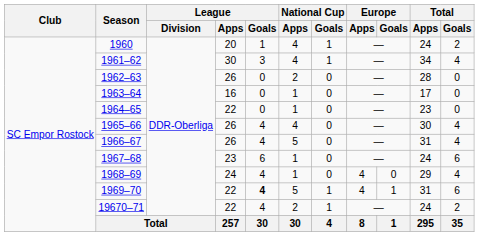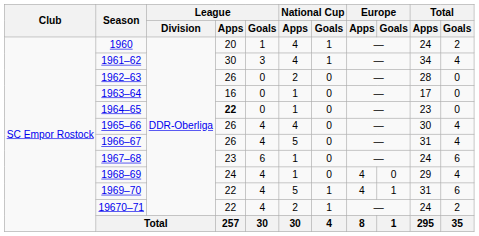 <table class=wikitable style=text-align:center>
 <tr>
 <th rowspan=2>Club</th>
 <th rowspan=2>Season</th>
 <th colspan=3>League</th>
 <th colspan=2>National Cup</th>
 <th colspan=2>Europe</th>
 <th colspan=2>Total</th>
 </tr>
 <tr>
 <th>Division</th>
 <th>Apps</th>
 <th>Goals</th>
 <th>Apps</th>
 <th>Goals</th>
 <th>Apps</th>
 <th>Goals</th>
 <th>Apps</th>
 <th>Goals</th>
 </tr>
 <tr>
 <td rowspan=12><a href='#'>SC Empor Rostock</a></td>
 <td><a href='#'>1960</a></td>
 <td rowspan=11><a href='#'>DDR-Oberliga</a></td>
 <td>20</td>
 <td>1</td>
 <td>4</td>
 <td>1</td>
 <td colspan=2>—</td>
 <td>24</td>
 <td>2</td>
 </tr>
 <tr>
 <td><a href='#'>1961–62</a></td>
 <td>30</td>
 <td>3</td>
 <td>4</td>
 <td>1</td>
 <td colspan=2>—</td>
 <td>34</td>
 <td>4</td>
 </tr>
 <tr>
 <td><a href='#'>1962–63</a></td>
 <td>26</td>
 <td>0</td>
 <td>2</td>
 <td>0</td>
 <td colspan=2>—</td>
 <td>28</td>
 <td>0</td>
 </tr>
 <tr>
 <td><a href='#'>1963–64</a></td>
 <td>16</td>
 <td>0</td>
 <td>1</td>
 <td>0</td>
 <td colspan=2>—</td>
 <td>17</td>
 <td>0</td>
 </tr>
 <tr>
 <td><a href='#'>1964–65</a></td>
-<td>22</td>
+<td><strong>22</strong></td>
 <td>0</td>
 <td>1</td>
 <td>0</td>
 <td colspan=2>—</td>
 <td>23</td>
 <td>0</td>
 </tr>
 <tr>
 <td><a href='#'>1965–66</a></td>
 <td>26</td>
 <td>4</td>
 <td>4</td>
 <td>0</td>
 <td colspan=2>—</td>
 <td>30</td>
 <td>4</td>
 </tr>
 <tr>
 <td><a href='#'>1966–67</a></td>
 <td>26</td>
 <td>4</td>
 <td>5</td>
 <td>0</td>
 <td colspan=2>—</td>
 <td>31</td>
 <td>4</td>
 </tr>
 <tr>
 <td><a href='#'>1967–68</a></td>
 <td>23</td>
 <td>6</td>
 <td>1</td>
 <td>0</td>
 <td colspan=2>—</td>
 <td>24</td>
 <td>6</td>
 </tr>
 <tr>
 <td><a href='#'>1968–69</a></td>
 <td>24</td>
 <td>4</td>
 <td>1</td>
 <td>0</td>
 <td>4</td>
 <td>0</td>
 <td>29</td>
 <td>4</td>
 </tr>
 <tr>
 <td><a href='#'>1969–70</a></td>
 <td>22</td>
-<td><strong>4</strong></td>
+<td>4</td>
 <td>5</td>
 <td>1</td>
 <td>4</td>
 <td>1</td>
 <td>31</td>
 <td>6</td>
 </tr>
 <tr>
 <td><a href='#'>19670–71</a></td>
 <td>22</td>
 <td>4</td>
 <td>2</td>
 <td>1</td>
 <td colspan=2>—</td>
 <td>24</td>
 <td>2</td>
 </tr>
 <tr>
 <th colspan=2>Total</th>
 <th>257</th>
 <th>30</th>
 <th>30</th>
 <th>4</th>
 <th>8</th>
 <th>1</th>
 <th>295</th>
 <th>35</th>
 </tr>
 </table>
